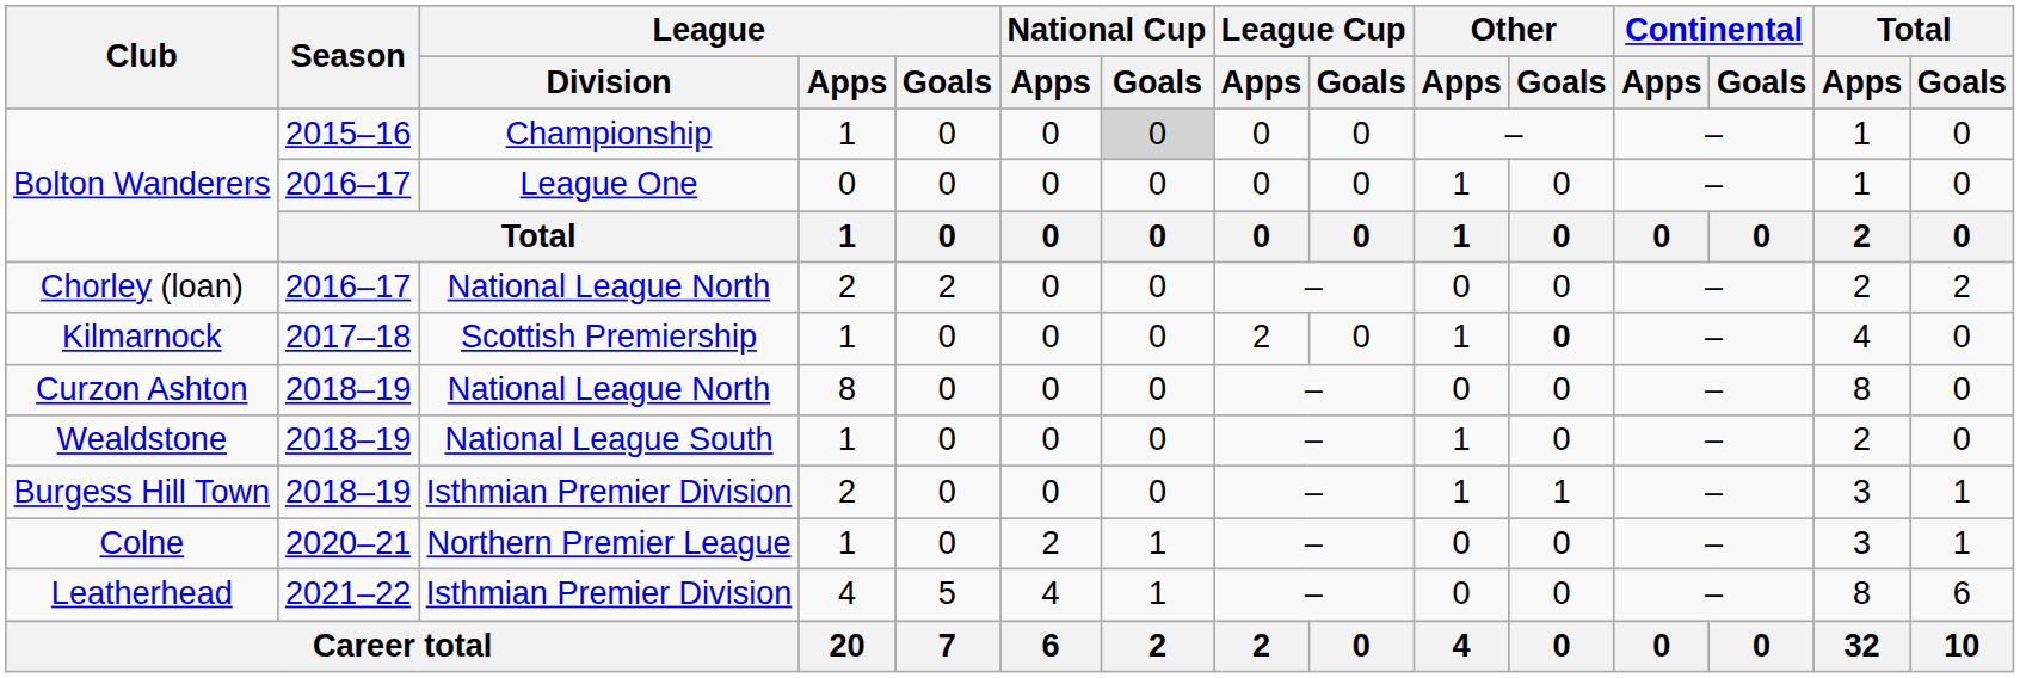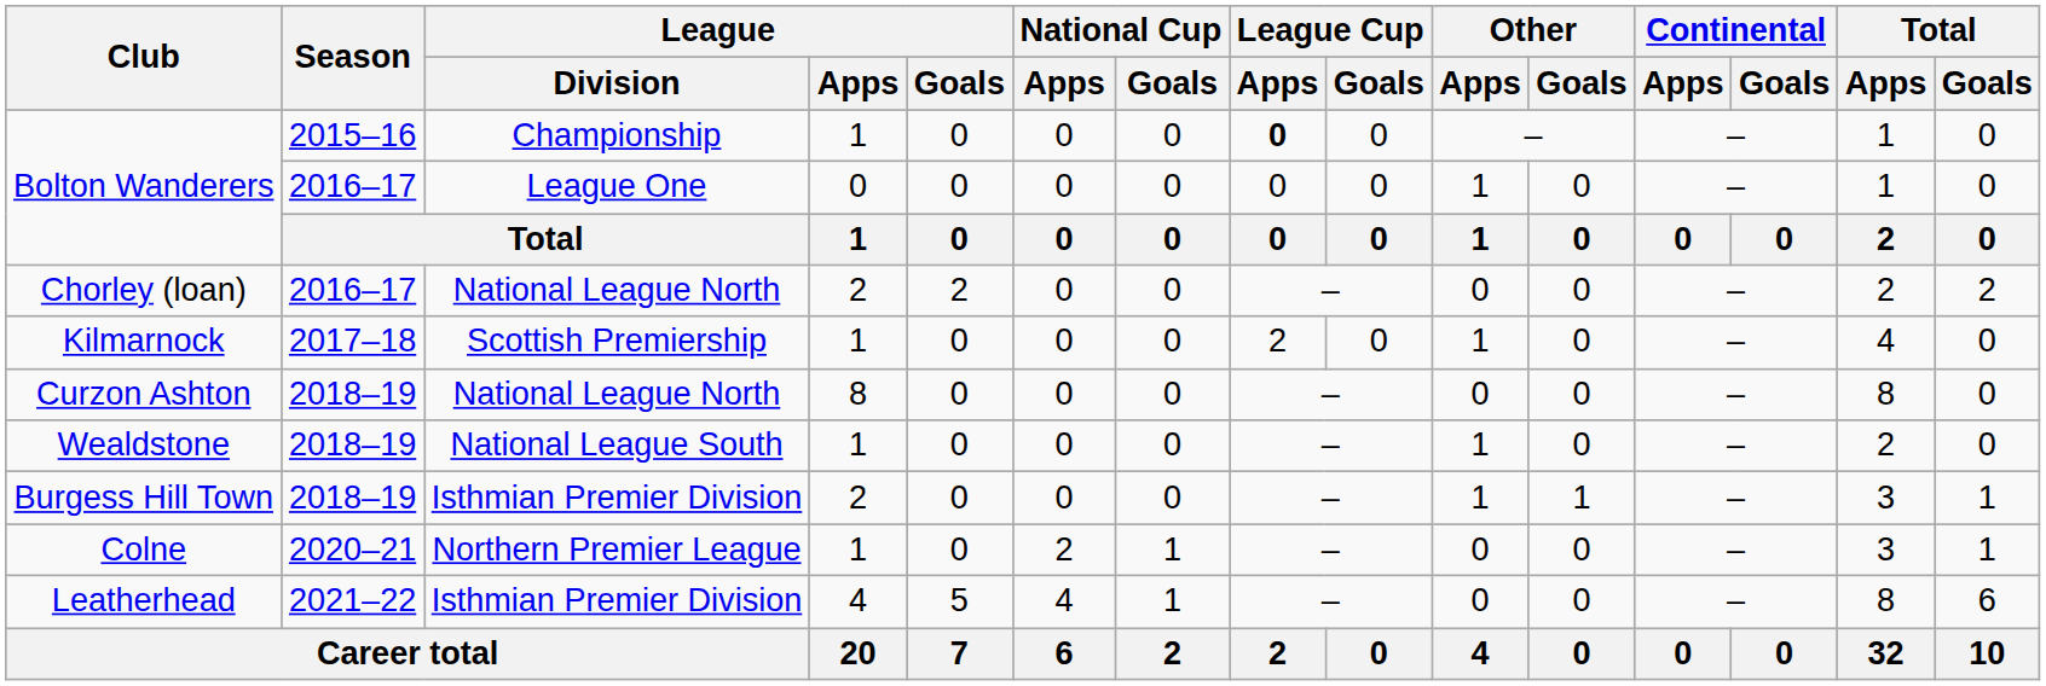 <table class="wikitable" style="text-align: center">
 <tr>
 <th rowspan="2">Club</th>
 <th rowspan="2">Season</th>
 <th colspan="3">League</th>
 <th colspan="2">National Cup</th>
 <th colspan="2">League Cup</th>
 <th colspan="2">Other</th>
 <th colspan="2"><a href='#'>Continental</a></th>
 <th colspan="2">Total</th>
 </tr>
 <tr>
 <th>Division</th>
 <th>Apps</th>
 <th>Goals</th>
 <th>Apps</th>
 <th>Goals</th>
 <th>Apps</th>
 <th>Goals</th>
 <th>Apps</th>
 <th>Goals</th>
 <th>Apps</th>
 <th>Goals</th>
 <th>Apps</th>
 <th>Goals</th>
 </tr>
 <tr>
 <td rowspan="3"><a href='#'>Bolton Wanderers</a></td>
 <td><a href='#'>2015–16</a></td>
 <td><a href='#'>Championship</a></td>
 <td>1</td>
 <td>0</td>
 <td>0</td>
-<td style="background: lightgrey;">0</td>
 <td>0</td>
+<td><strong>0</strong></td>
 <td>0</td>
 <td colspan="2">–</td>
 <td colspan="2">–</td>
 <td>1</td>
 <td>0</td>
 </tr>
 <tr>
 <td><a href='#'>2016–17</a></td>
 <td><a href='#'>League One</a></td>
 <td>0</td>
 <td>0</td>
 <td>0</td>
 <td>0</td>
 <td>0</td>
 <td>0</td>
 <td>1</td>
 <td>0</td>
 <td colspan="2">–</td>
 <td>1</td>
 <td>0</td>
 </tr>
 <tr>
 <th colspan="2">Total</th>
 <th>1</th>
 <th>0</th>
 <th>0</th>
 <th>0</th>
 <th>0</th>
 <th>0</th>
 <th>1</th>
 <th>0</th>
 <th>0</th>
 <th>0</th>
 <th>2</th>
 <th>0</th>
 </tr>
 <tr>
 <td><a href='#'>Chorley</a> (loan)</td>
 <td><a href='#'>2016–17</a></td>
 <td><a href='#'>National League North</a></td>
 <td>2</td>
 <td>2</td>
 <td>0</td>
 <td>0</td>
 <td colspan="2">–</td>
 <td>0</td>
 <td>0</td>
 <td colspan="2">–</td>
 <td>2</td>
 <td>2</td>
 </tr>
 <tr>
 <td><a href='#'>Kilmarnock</a></td>
 <td><a href='#'>2017–18</a></td>
 <td><a href='#'>Scottish Premiership</a></td>
 <td>1</td>
 <td>0</td>
 <td>0</td>
 <td>0</td>
 <td>2</td>
 <td>0</td>
 <td>1</td>
-<td><strong>0</strong></td>
+<td>0</td>
 <td colspan="2">–</td>
 <td>4</td>
 <td>0</td>
 </tr>
 <tr>
 <td><a href='#'>Curzon Ashton</a></td>
 <td><a href='#'>2018–19</a></td>
 <td><a href='#'>National League North</a></td>
 <td>8</td>
 <td>0</td>
 <td>0</td>
 <td>0</td>
 <td colspan="2">–</td>
 <td>0</td>
 <td>0</td>
 <td colspan="2">–</td>
 <td>8</td>
 <td>0</td>
 </tr>
 <tr>
 <td><a href='#'>Wealdstone</a></td>
 <td><a href='#'>2018–19</a></td>
 <td><a href='#'>National League South</a></td>
 <td>1</td>
 <td>0</td>
 <td>0</td>
 <td>0</td>
 <td colspan="2">–</td>
 <td>1</td>
 <td>0</td>
 <td colspan="2">–</td>
 <td>2</td>
 <td>0</td>
 </tr>
 <tr>
 <td><a href='#'>Burgess Hill Town</a></td>
 <td><a href='#'>2018–19</a></td>
 <td><a href='#'>Isthmian Premier Division</a></td>
 <td>2</td>
 <td>0</td>
 <td>0</td>
 <td>0</td>
 <td colspan="2">–</td>
 <td>1</td>
 <td>1</td>
 <td colspan="2">–</td>
 <td>3</td>
 <td>1</td>
 </tr>
 <tr>
 <td><a href='#'>Colne</a></td>
 <td><a href='#'>2020–21</a></td>
 <td><a href='#'>Northern Premier League</a></td>
 <td>1</td>
 <td>0</td>
 <td>2</td>
 <td>1</td>
 <td colspan="2">–</td>
 <td>0</td>
 <td>0</td>
 <td colspan="2">–</td>
 <td>3</td>
 <td>1</td>
 </tr>
 <tr>
 <td><a href='#'>Leatherhead</a></td>
 <td><a href='#'>2021–22</a></td>
 <td><a href='#'>Isthmian Premier Division</a></td>
 <td>4</td>
 <td>5</td>
 <td>4</td>
 <td>1</td>
 <td colspan="2">–</td>
 <td>0</td>
 <td>0</td>
 <td colspan="2">–</td>
 <td>8</td>
 <td>6</td>
 </tr>
 <tr>
 <th colspan=3>Career total</th>
 <th>20</th>
 <th>7</th>
 <th>6</th>
 <th>2</th>
 <th>2</th>
 <th>0</th>
 <th>4</th>
 <th>0</th>
 <th>0</th>
 <th>0</th>
 <th>32</th>
 <th>10</th>
 </tr>
 </table>
